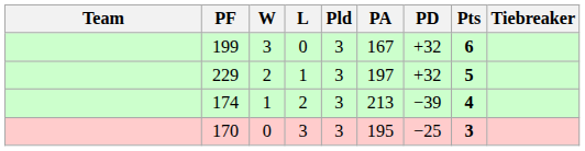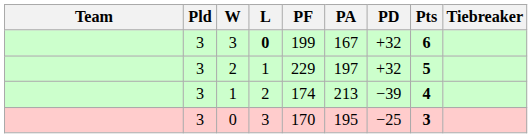 <table class="wikitable" style="text-align:center;">
 <tr>
 <th width=170>Team</th>
-<th width=35>PF</th>
+<th width=25>Pld</th>
 <th width=25>W</th>
 <th width=25>L</th>
-<th width=25>Pld</th>
+<th width=35>PF</th>
 <th width=35>PA</th>
 <th width=35>PD</th>
 <th width=25>Pts</th>
 <th width=50>Tiebreaker</th>
 </tr>
 <tr bgcolor=ccffcc>
 <td align="left"></td>
+<td>3</td>
+<td>3</td>
+<td><strong>0</strong></td>
 <td>199</td>
-<td>3</td>
-<td>0</td>
-<td>3</td>
 <td>167</td>
 <td>+32</td>
 <td><strong>6</strong></td>
 <td></td>
 </tr>
 <tr bgcolor=ccffcc>
 <td align="left"></td>
-<td>229</td>
+<td>3</td>
 <td>2</td>
 <td>1</td>
-<td>3</td>
+<td>229</td>
 <td>197</td>
 <td>+32</td>
 <td><strong>5</strong></td>
 <td></td>
 </tr>
 <tr bgcolor=ccffcc>
 <td align="left"></td>
-<td>174</td>
+<td>3</td>
 <td>1</td>
 <td>2</td>
-<td>3</td>
+<td>174</td>
 <td>213</td>
 <td>−39</td>
 <td><strong>4</strong></td>
 <td></td>
 </tr>
 <tr bgcolor=ffcccc>
 <td align="left"></td>
-<td>170</td>
+<td>3</td>
 <td>0</td>
 <td>3</td>
-<td>3</td>
+<td>170</td>
 <td>195</td>
 <td>−25</td>
 <td><strong>3</strong></td>
 <td></td>
 </tr>
 </table>
